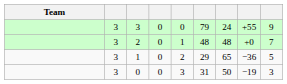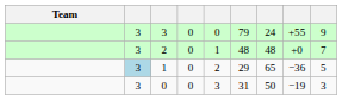 <table class="wikitable" style="text-align:center; font-size:95%;">
 <tr>
 <th width=160>Team</th>
 <th width=30></th>
 <th width=30></th>
 <th width=30></th>
 <th width=30></th>
 <th width=30></th>
 <th width=30></th>
 <th width=30></th>
 <th width=30></th>
 </tr>
 <tr style="background:#ccffcc">
 <td align=left></td>
 <td>3</td>
 <td>3</td>
 <td>0</td>
 <td>0</td>
 <td>79</td>
 <td>24</td>
 <td>+55</td>
 <td>9</td>
 </tr>
 <tr style="background:#ccffcc">
 <td align=left></td>
 <td>3</td>
 <td>2</td>
 <td>0</td>
 <td>1</td>
 <td>48</td>
 <td>48</td>
 <td>+0</td>
 <td>7</td>
 </tr>
 <tr>
 <td align=left></td>
-<td>3</td>
+<td style="background: lightblue;">3</td>
 <td>1</td>
 <td>0</td>
 <td>2</td>
 <td>29</td>
 <td>65</td>
 <td>−36</td>
 <td>5</td>
 </tr>
 <tr>
 <td align=left></td>
 <td>3</td>
 <td>0</td>
 <td>0</td>
 <td>3</td>
 <td>31</td>
 <td>50</td>
 <td>−19</td>
 <td>3</td>
 </tr>
 </table>
